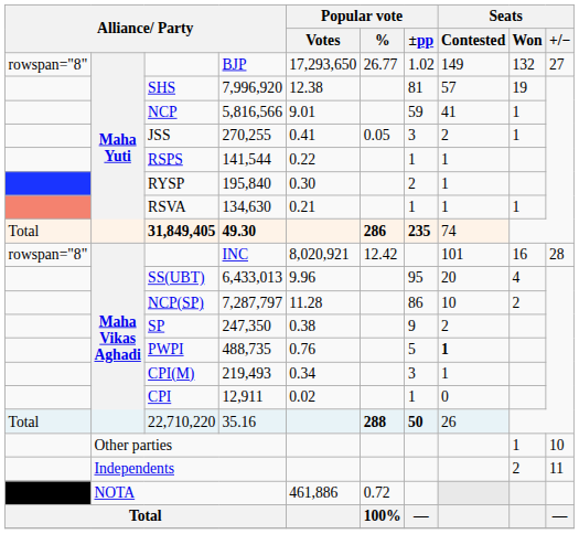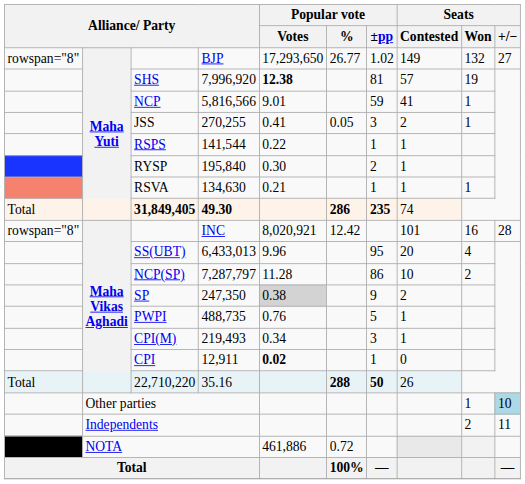 <table class="wikitable sortable">
 <tr>
 <th colspan="4" rowspan="2">Alliance/ Party</th>
 <th colspan="3">Popular vote</th>
 <th colspan="3">Seats</th>
 </tr>
 <tr>
 <th>Votes</th>
 <th>%</th>
 <th>±<a href='#'>pp</a></th>
 <th>Contested</th>
 <th>Won</th>
 <th><strong>+/−</strong></th>
 </tr>
 <tr>
 <td>rowspan="8" </td>
 <th rowspan="8"><a href='#'>Maha <br> Yuti</a></th>
 <td></td>
 <td><a href='#'>BJP</a></td>
 <td>17,293,650</td>
 <td>26.77</td>
 <td>1.02</td>
 <td>149</td>
 <td>132</td>
 <td>27</td>
 </tr>
 <tr>
 <td></td>
 <td><a href='#'>SHS</a></td>
 <td>7,996,920</td>
-<td>12.38</td>
+<td><strong>12.38</strong></td>
 <td></td>
 <td>81</td>
 <td>57</td>
 <td>19</td>
 </tr>
 <tr>
 <td></td>
 <td><a href='#'>NCP</a></td>
 <td>5,816,566</td>
 <td>9.01</td>
 <td></td>
 <td>59</td>
 <td>41</td>
 <td>1</td>
 </tr>
 <tr>
 <td></td>
 <td>JSS</td>
 <td>270,255</td>
 <td>0.41</td>
 <td>0.05</td>
 <td>3</td>
 <td>2</td>
 <td>1</td>
 </tr>
 <tr>
 <td></td>
 <td><a href='#'>RSPS</a></td>
 <td>141,544</td>
 <td>0.22</td>
 <td></td>
 <td>1</td>
 <td>1</td>
 <td></td>
 </tr>
 <tr>
 <td bgcolor=#1A34FF></td>
 <td>RYSP</td>
 <td>195,840</td>
 <td>0.30</td>
 <td></td>
 <td>2</td>
 <td>1</td>
 <td></td>
 </tr>
 <tr>
 <td bgcolor=#F4826F></td>
 <td>RSVA</td>
 <td>134,630</td>
 <td>0.21</td>
 <td></td>
 <td>1</td>
 <td>1</td>
 <td>1</td>
 </tr>
 <tr>
 <td colspan="2"style="background:#fef3e8">Total</td>
 <td style="color:black;background:#fef3e8"><strong>31,849,405</strong></td>
 <td style="color:black;background:#fef3e8"><strong>49.30</strong></td>
 <td style="color:black;background:#fef3e8"></td>
 <td style="color:black;background:#fef3e8"><strong>286</strong></td>
 <td style="color:black;background:#fef3e8"><strong>235</strong></td>
 <td style="color:black;background:#fef3e8">74</td>
 </tr>
 <tr>
 <td>rowspan="8" </td>
 <th rowspan="8"><a href='#'>Maha <br> Vikas <br> Aghadi</a></th>
 <td></td>
 <td><a href='#'>INC</a></td>
 <td>8,020,921</td>
 <td>12.42</td>
 <td></td>
 <td>101</td>
 <td>16</td>
 <td>28</td>
 </tr>
 <tr>
 <td></td>
 <td><a href='#'>SS(UBT)</a></td>
 <td>6,433,013</td>
 <td>9.96</td>
 <td></td>
 <td>95</td>
 <td>20</td>
 <td>4</td>
 </tr>
 <tr>
 <td></td>
 <td><a href='#'>NCP(SP)</a></td>
 <td>7,287,797</td>
 <td>11.28</td>
 <td></td>
 <td>86</td>
 <td>10</td>
 <td>2</td>
 </tr>
 <tr>
 <td></td>
 <td><a href='#'>SP</a></td>
 <td>247,350</td>
-<td>0.38</td>
+<td style="background: lightgrey;">0.38</td>
 <td></td>
 <td>9</td>
 <td>2</td>
 <td></td>
 </tr>
 <tr>
 <td></td>
 <td><a href='#'>PWPI</a></td>
 <td>488,735</td>
 <td>0.76</td>
 <td></td>
 <td>5</td>
-<td><strong>1</strong></td>
+<td>1</td>
 <td></td>
 </tr>
 <tr>
 <td></td>
 <td><a href='#'>CPI(M)</a></td>
 <td>219,493</td>
 <td>0.34</td>
 <td></td>
 <td>3</td>
 <td>1</td>
 <td></td>
 </tr>
 <tr>
 <td></td>
 <td><a href='#'>CPI</a></td>
 <td>12,911</td>
-<td>0.02</td>
+<td><strong>0.02</strong></td>
 <td></td>
 <td>1</td>
 <td>0</td>
 <td></td>
 </tr>
 <tr>
 <td colspan="2"style="background:#e8f3f7">Total</td>
 <td style="color:black;background:#e8f3f7">22,710,220</td>
 <td style="color:black;background:#e8f3f7">35.16</td>
 <td style="color:black;background:#e8f3f7"></td>
 <td style="color:black;background:#e8f3f7"><strong>288</strong></td>
 <td style="color:black;background:#e8f3f7"><strong>50</strong></td>
 <td style="color:black;background:#e8f3f7">26</td>
 </tr>
 <tr>
 <td></td>
 <td colspan="3">Other parties</td>
 <td></td>
 <td></td>
 <td></td>
 <td></td>
 <td>1</td>
-<td>10</td>
+<td style="background: lightblue;">10</td>
 </tr>
 <tr>
 <td></td>
 <td colspan="3"><a href='#'>Independents</a></td>
 <td></td>
 <td></td>
 <td></td>
 <td></td>
 <td>2</td>
 <td>11</td>
 </tr>
 <tr>
 <td style="background:Black; color:White"></td>
 <td colspan="3"><a href='#'>NOTA</a></td>
 <td>461,886</td>
 <td>0.72</td>
 <td></td>
 <th style="background-color:#E9E9E9"></th>
 <th></th>
 <td></td>
 </tr>
 <tr>
 <th colspan="4">Total</th>
 <th></th>
 <th>100%</th>
 <th>—</th>
 <th></th>
 <th></th>
 <th>—</th>
 </tr>
 <tr>
 </tr>
 </table>
